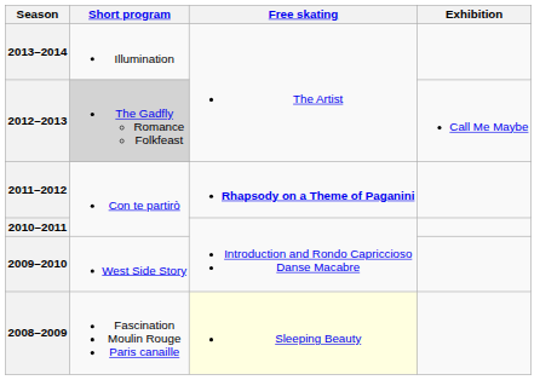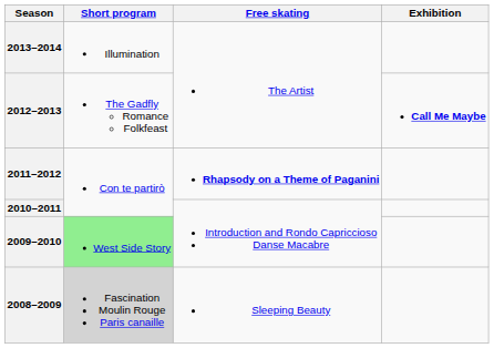 <table class="wikitable" style="text-align:center">
 <tr>
 <th>Season</th>
 <th><a href='#'>Short program</a></th>
 <th><a href='#'>Free skating</a></th>
 <th>Exhibition</th>
 </tr>
 <tr>
 <th>2013–2014 <br> </th>
 <td><br><ul><li>Illumination <br></li></ul></td>
 <td rowspan=2><br><ul><li><a href='#'>The Artist</a> <br></li></ul></td>
 <td></td>
 </tr>
 <tr>
 <th>2012–2013 <br> </th>
-<td style="background: lightgrey;"><br><ul><li><a href='#'>The Gadfly</a> <br><ul><li>Romance</li><li>Folkfeast</li></ul></li></ul></td>
-<td><br><ul><li><a href='#'>Call Me Maybe</a> <br></li></ul></td>
+<td><br><ul><li><a href='#'>The Gadfly</a> <br><ul><li>Romance</li><li>Folkfeast</li></ul></li></ul></td>
+<td><strong><br><ul><li><a href='#'>Call Me Maybe</a> <br></li></ul></strong></td>
 </tr>
 <tr>
 <th>2011–2012 <br> </th>
 <td rowspan=2><br><ul><li><a href='#'>Con te partirò</a> <br></li></ul></td>
 <td><strong><br><ul><li><a href='#'>Rhapsody on a Theme of Paganini</a> <br></li></ul></strong></td>
 <td></td>
 </tr>
 <tr>
 <th>2010–2011 <br> </th>
 <td rowspan=2><br><ul><li><a href='#'>Introduction and Rondo Capriccioso</a></li><li><a href='#'>Danse Macabre</a> <br></li></ul></td>
 <td></td>
 </tr>
 <tr>
 <th>2009–2010 <br> </th>
-<td><br><ul><li><a href='#'>West Side Story</a> <br></li></ul></td>
+<td style="background: lightgreen;"><br><ul><li><a href='#'>West Side Story</a> <br></li></ul></td>
 <td></td>
 </tr>
 <tr>
 <th>2008–2009 <br> </th>
-<td><br><ul><li>Fascination</li><li>Moulin Rouge</li><li><a href='#'>Paris canaille</a> <br></li></ul></td>
-<td style="background: lightyellow;"><br><ul><li><a href='#'>Sleeping Beauty</a> <br></li></ul></td>
+<td style="background: lightgrey;"><br><ul><li>Fascination</li><li>Moulin Rouge</li><li><a href='#'>Paris canaille</a> <br></li></ul></td>
+<td><br><ul><li><a href='#'>Sleeping Beauty</a> <br></li></ul></td>
 <td></td>
 </tr>
 </table>
